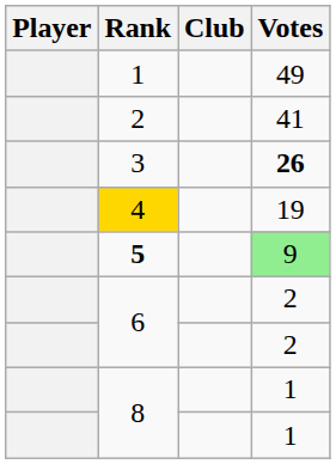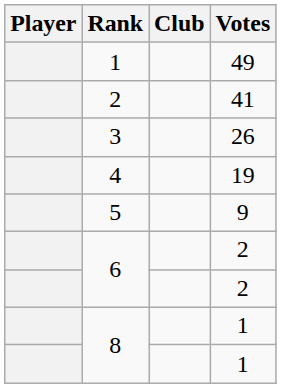 <table class="wikitable plainrowheaders sortable" style="text-align:center">
 <tr>
 <th scope="col">Player</th>
 <th scope="col">Rank</th>
 <th scope="col">Club</th>
 <th scope="col">Votes</th>
 </tr>
 <tr>
 <th scope="row"></th>
 <td>1</td>
 <td></td>
 <td>49</td>
 </tr>
 <tr>
 <th scope="row"></th>
 <td>2</td>
 <td></td>
 <td>41</td>
 </tr>
 <tr>
 <th scope="row"></th>
 <td>3</td>
 <td></td>
-<td><strong>26</strong></td>
+<td>26</td>
 </tr>
 <tr>
 <th scope="row"></th>
-<td style="background: gold;">4</td>
+<td>4</td>
 <td></td>
 <td>19</td>
 </tr>
 <tr>
 <th scope="row"></th>
-<td><strong>5</strong></td>
+<td>5</td>
 <td></td>
-<td style="background: lightgreen;">9</td>
+<td>9</td>
 </tr>
 <tr>
 <th scope="row"></th>
 <td rowspan="2">6</td>
 <td></td>
 <td>2</td>
 </tr>
 <tr>
 <th scope="row"></th>
 <td></td>
 <td>2</td>
 </tr>
 <tr>
 <th scope="row"></th>
 <td rowspan="2">8</td>
 <td></td>
 <td>1</td>
 </tr>
 <tr>
 <th scope="row"></th>
 <td></td>
 <td>1</td>
 </tr>
 </table>
